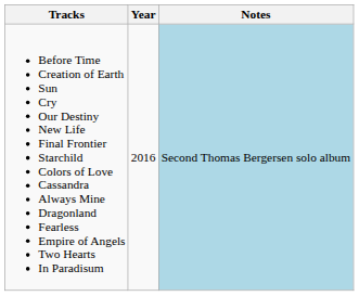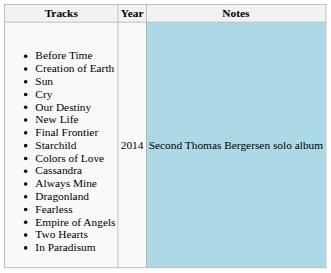 <table class="wikitable sortable">
 <tr>
 <th>Tracks</th>
 <th>Year</th>
 <th>Notes</th>
 </tr>
 <tr>
 <td><br><ul><li>Before Time</li><li>Creation of Earth</li><li>Sun</li><li>Cry</li><li>Our Destiny</li><li>New Life</li><li>Final Frontier</li><li>Starchild</li><li>Colors of Love</li><li>Cassandra</li><li>Always Mine</li><li>Dragonland</li><li>Fearless</li><li>Empire of Angels</li><li>Two Hearts</li><li>In Paradisum</li></ul></td>
-<td>2016</td>
+<td>2014</td>
 <td style="background: lightblue;">Second Thomas Bergersen solo album</td>
 </tr>
 </table>
